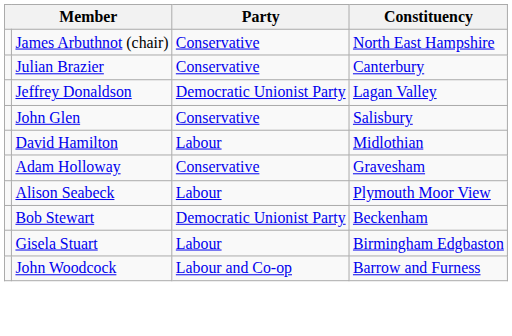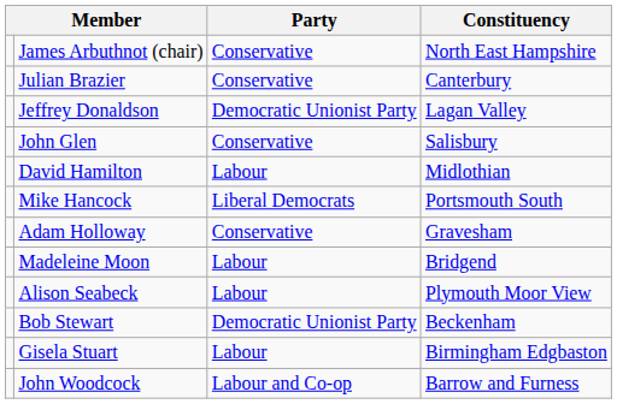 <table class="wikitable">
 <tr>
 <th colspan="2" valign="top">Member</th>
 <th valign="top">Party</th>
 <th valign="top">Constituency</th>
 </tr>
 <tr>
 <td style="color:inherit;background:"></td>
 <td><a href='#'>James Arbuthnot</a> (chair)</td>
 <td><a href='#'>Conservative</a></td>
 <td><a href='#'>North East Hampshire</a></td>
 </tr>
 <tr>
 <td style="color:inherit;background:"></td>
 <td><a href='#'>Julian Brazier</a></td>
 <td><a href='#'>Conservative</a></td>
 <td><a href='#'>Canterbury</a></td>
 </tr>
 <tr>
 <td style="color:inherit;background:"></td>
 <td><a href='#'>Jeffrey Donaldson</a></td>
 <td><a href='#'>Democratic Unionist Party</a></td>
 <td><a href='#'>Lagan Valley</a></td>
 </tr>
 <tr>
 <td style="color:inherit;background:"></td>
 <td><a href='#'>John Glen</a></td>
 <td><a href='#'>Conservative</a></td>
 <td><a href='#'>Salisbury</a></td>
 </tr>
 <tr>
 <td style="color:inherit;background:"></td>
 <td><a href='#'>David Hamilton</a></td>
 <td><a href='#'>Labour</a></td>
 <td><a href='#'>Midlothian</a></td>
 </tr>
 <tr>
 <td style="color:inherit;background:"></td>
+<td><a href='#'>Mike Hancock</a></td>
+<td><a href='#'>Liberal Democrats</a></td>
+<td><a href='#'>Portsmouth South</a></td>
+</tr>
+<tr>
+<td style="color:inherit;background:"></td>
 <td><a href='#'>Adam Holloway</a></td>
 <td><a href='#'>Conservative</a></td>
 <td><a href='#'>Gravesham</a></td>
+</tr>
+<tr>
+<td style="color:inherit;background:"></td>
+<td><a href='#'>Madeleine Moon</a></td>
+<td><a href='#'>Labour</a></td>
+<td><a href='#'>Bridgend</a></td>
 </tr>
 <tr>
 <td style="color:inherit;background:"></td>
 <td><a href='#'>Alison Seabeck</a></td>
 <td><a href='#'>Labour</a></td>
 <td><a href='#'>Plymouth Moor View</a></td>
 </tr>
 <tr>
 <td style="color:inherit;background:"></td>
 <td><a href='#'>Bob Stewart</a></td>
 <td><a href='#'>Democratic Unionist Party</a></td>
 <td><a href='#'>Beckenham</a></td>
 </tr>
 <tr>
 <td style="color:inherit;background:"></td>
 <td><a href='#'>Gisela Stuart</a></td>
 <td><a href='#'>Labour</a></td>
 <td><a href='#'>Birmingham Edgbaston</a></td>
 </tr>
 <tr>
 <td style="color:inherit;background:"></td>
 <td><a href='#'>John Woodcock</a></td>
 <td><a href='#'>Labour and Co-op</a></td>
 <td><a href='#'>Barrow and Furness</a></td>
 </tr>
 </table>
